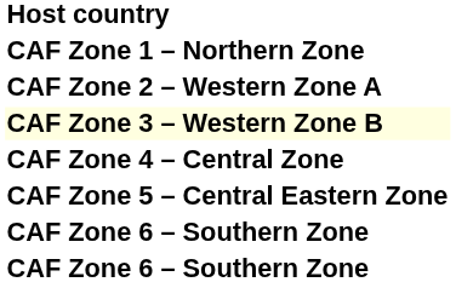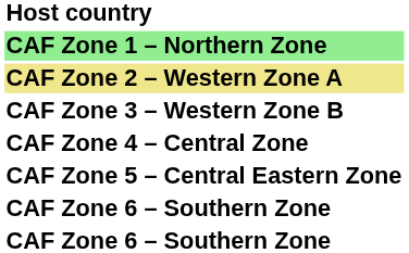 <table>
 <tr>
 <td></td>
 <td><strong>Host country</strong></td>
 </tr>
 <tr>
 <td></td>
-<td><strong>CAF Zone 1 – Northern Zone</strong></td>
+<td style="background: lightgreen;"><strong>CAF Zone 1 – Northern Zone</strong></td>
 </tr>
 <tr>
 <td></td>
-<td><strong>CAF Zone 2 – Western Zone A</strong></td>
+<td style="background: khaki;"><strong>CAF Zone 2 – Western Zone A</strong></td>
 </tr>
 <tr>
 <td></td>
-<td style="background: lightyellow;"><strong>CAF Zone 3 – Western Zone B</strong></td>
+<td><strong>CAF Zone 3 – Western Zone B</strong></td>
 </tr>
 <tr>
 <td></td>
 <td><strong>CAF Zone 4 – Central Zone</strong></td>
 </tr>
 <tr>
 <td></td>
 <td><strong>CAF Zone 5 – Central Eastern Zone</strong></td>
 </tr>
 <tr>
 <td></td>
 <td><strong>CAF Zone 6 – Southern Zone</strong></td>
 </tr>
 <tr>
 <td></td>
 <td><strong>CAF Zone 6 – Southern Zone</strong></td>
 </tr>
 </table>
